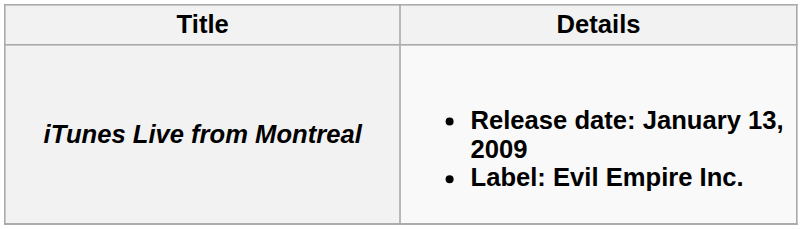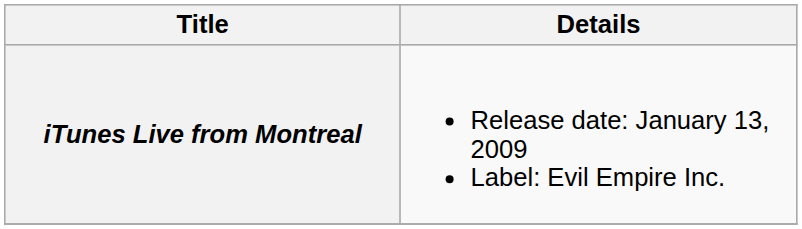 <table class="wikitable plainrowheaders" style="text-align:left; ">
 <tr>
 <th scope="col" style="width:15em; ">Title</th>
 <th scope="col" style="width:15em; ">Details</th>
 </tr>
 <tr>
 <th scope="row"><em>iTunes Live from Montreal</em></th>
-<td><strong><br><ul><li>Release date: January 13, 2009</li><li>Label: Evil Empire Inc.</li></ul></strong></td>
+<td><br><ul><li>Release date: January 13, 2009</li><li>Label: Evil Empire Inc.</li></ul></td>
 </tr>
 <tr>
 </tr>
 </table>
